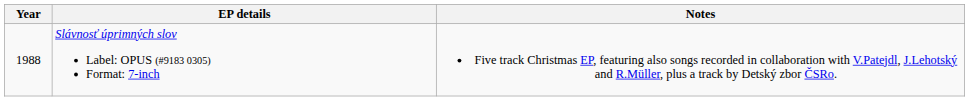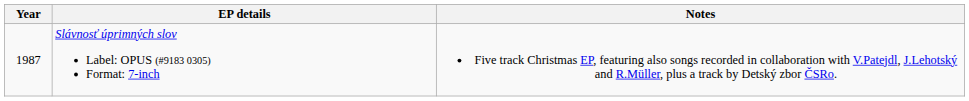 <table class=wikitable style=text-align:center>
 <tr>
 <th width=5%>Year</th>
 <th width=40%>EP details</th>
 <th width=55%>Notes</th>
 </tr>
 <tr>
-<td>1988</td>
+<td>1987</td>
 <td style=text-align:left><em><a href='#'>Slávnosť úprimných slov</a></em><br><ul><li>Label: OPUS <small>(#9183 0305)</small></li><li>Format: <a href='#'>7-inch</a></li></ul></td>
 <td><br><ul><li>Five track Christmas <a href='#'>EP</a>, featuring also songs recorded in collaboration with <a href='#'>V.Patejdl</a>, <a href='#'>J.Lehotský</a> and <a href='#'>R.Müller</a>, plus a track by Detský zbor <a href='#'>ČSRo</a>.</li></ul></td>
 </tr>
 </table>
